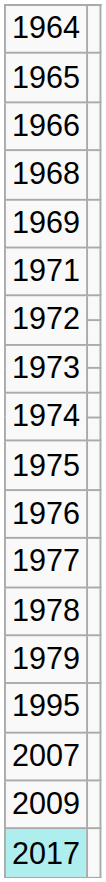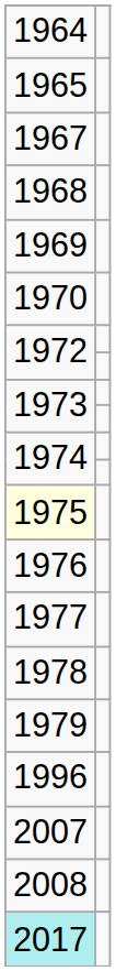 <table class="wikitable sortable">
 <tr>
 </tr>
 <tr>
 <td>1964</td>
 <td></td>
 </tr>
 <tr>
 <td>1965</td>
 <td></td>
 </tr>
 <tr>
-<td>1966</td>
+<td>1967</td>
 <td></td>
 </tr>
 <tr>
 <td>1968</td>
 <td></td>
 </tr>
 <tr>
 <td>1969</td>
 <td></td>
 </tr>
 <tr>
-<td>1971</td>
+<td>1970</td>
 <td></td>
 </tr>
 <tr>
 <td rowspan=2>1972</td>
 <td></td>
 </tr>
 <tr>
 <td></td>
 </tr>
 <tr>
 <td rowspan=2>1973</td>
 <td></td>
 </tr>
 <tr>
 <td></td>
 </tr>
 <tr>
 <td rowspan=2>1974</td>
 <td></td>
 </tr>
 <tr>
 <td></td>
 </tr>
 <tr>
-<td>1975</td>
+<td style="background: lightyellow;">1975</td>
 <td></td>
 </tr>
 <tr>
 <td>1976</td>
 <td></td>
 </tr>
 <tr>
 <td>1977</td>
 <td></td>
 </tr>
 <tr>
 <td>1978</td>
 <td></td>
 </tr>
 <tr>
 <td>1979</td>
 <td></td>
 </tr>
 <tr>
-<td>1995</td>
+<td>1996</td>
 <td></td>
 </tr>
 <tr>
 <td>2007</td>
 <td></td>
 </tr>
 <tr>
-<td>2009</td>
+<td>2008</td>
 <td></td>
 </tr>
 <tr>
 <td style="background: paleturquoise;">2017</td>
 <td></td>
 </tr>
 </table>
